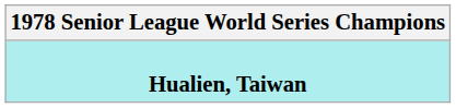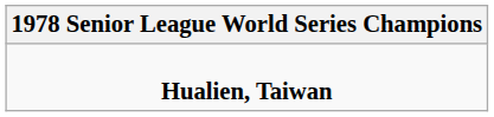 <table class="wikitable" style="text-align: center; margin: 0 auto;">
 <tr>
 <th>1978 Senior League World Series Champions</th>
 </tr>
 <tr>
-<td style="background: paleturquoise;"><br><strong>Hualien, Taiwan</strong></td>
+<td><br><strong>Hualien, Taiwan</strong></td>
 </tr>
 </table>
